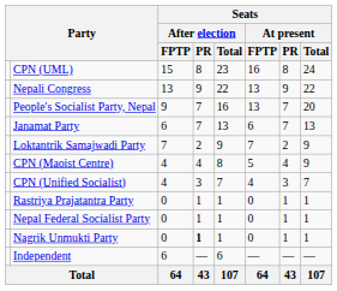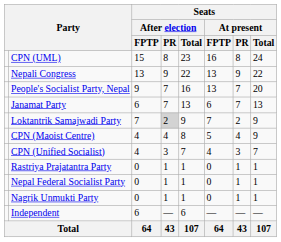 <table class="wikitable">
 <tr>
 <th colspan="2" rowspan="3">Party</th>
 <th colspan="6">Seats</th>
 </tr>
 <tr>
 <th colspan="3">After <a href='#'>election</a></th>
 <th colspan="3">At present</th>
 </tr>
 <tr>
 <th>FPTP</th>
 <th>PR</th>
 <th>Total</th>
 <th>FPTP</th>
 <th>PR</th>
 <th>Total</th>
 </tr>
 <tr>
 <td></td>
 <td><a href='#'>CPN (UML)</a></td>
 <td>15</td>
 <td>8</td>
 <td>23</td>
 <td>16</td>
 <td>8</td>
 <td>24</td>
 </tr>
 <tr>
 <td></td>
 <td><a href='#'>Nepali Congress</a></td>
 <td>13</td>
 <td>9</td>
 <td>22</td>
 <td>13</td>
 <td>9</td>
 <td>22</td>
 </tr>
 <tr>
 <td></td>
 <td><a href='#'>People's Socialist Party, Nepal</a></td>
 <td>9</td>
 <td>7</td>
 <td>16</td>
 <td>13</td>
 <td>7</td>
 <td>20</td>
 </tr>
 <tr>
 <td></td>
 <td><a href='#'>Janamat Party</a></td>
 <td>6</td>
 <td>7</td>
 <td>13</td>
 <td>6</td>
 <td>7</td>
 <td>13</td>
 </tr>
 <tr>
 <td></td>
 <td><a href='#'>Loktantrik Samajwadi Party</a></td>
 <td>7</td>
-<td>2</td>
+<td style="background: lightgrey;">2</td>
 <td>9</td>
 <td>7</td>
 <td>2</td>
 <td>9</td>
 </tr>
 <tr>
 <td></td>
 <td><a href='#'>CPN (Maoist Centre)</a></td>
 <td>4</td>
 <td>4</td>
 <td>8</td>
 <td>5</td>
 <td>4</td>
 <td>9</td>
 </tr>
 <tr>
 <td></td>
 <td><a href='#'>CPN (Unified Socialist)</a></td>
 <td>4</td>
 <td>3</td>
 <td>7</td>
 <td>4</td>
 <td>3</td>
 <td>7</td>
 </tr>
 <tr>
 <td></td>
 <td><a href='#'>Rastriya Prajatantra Party</a></td>
 <td>0</td>
 <td>1</td>
 <td>1</td>
 <td>0</td>
 <td>1</td>
 <td>1</td>
 </tr>
 <tr>
 <td></td>
 <td><a href='#'>Nepal Federal Socialist Party</a></td>
 <td>0</td>
 <td>1</td>
 <td>1</td>
 <td>0</td>
 <td>1</td>
 <td>1</td>
 </tr>
 <tr>
 <td></td>
 <td><a href='#'>Nagrik Unmukti Party</a></td>
 <td>0</td>
-<td><strong>1</strong></td>
+<td>1</td>
 <td>1</td>
 <td>0</td>
 <td>1</td>
 <td>1</td>
 </tr>
 <tr>
 <td></td>
 <td><a href='#'>Independent</a></td>
 <td>6</td>
 <td>—</td>
 <td>6</td>
 <td>—</td>
 <td>—</td>
 <td>—</td>
 </tr>
 <tr>
 <th colspan="2">Total</th>
 <th>64</th>
 <th>43</th>
 <th>107</th>
 <th>64</th>
 <th>43</th>
 <th>107</th>
 </tr>
 </table>
